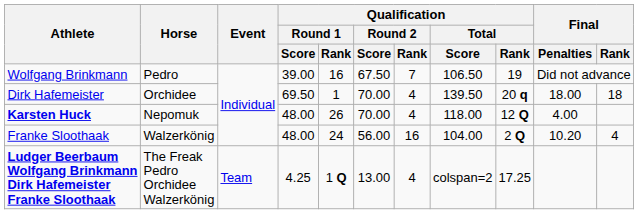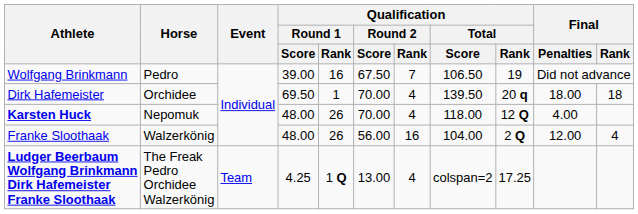 <table class=wikitable style="font-size:90%">
 <tr>
 <th rowspan="3">Athlete</th>
 <th rowspan="3">Horse</th>
 <th rowspan="3">Event</th>
 <th colspan="6">Qualification</th>
 <th colspan="2" rowspan=2>Final</th>
 </tr>
 <tr style="font-size:95%">
 <th colspan=2>Round 1</th>
 <th colspan=2>Round 2</th>
 <th colspan=2>Total</th>
 </tr>
 <tr style="font-size:95%">
 <th>Score</th>
 <th>Rank</th>
 <th>Score</th>
 <th>Rank</th>
 <th>Score</th>
 <th>Rank</th>
 <th>Penalties</th>
 <th>Rank</th>
 </tr>
 <tr align=center>
 <td align=left><a href='#'>Wolfgang Brinkmann</a></td>
 <td align=left>Pedro</td>
 <td align=left rowspan=4><a href='#'>Individual</a></td>
 <td>39.00</td>
 <td>16</td>
 <td>67.50</td>
 <td>7</td>
 <td>106.50</td>
 <td>19</td>
 <td colspan=2>Did not advance</td>
 </tr>
 <tr align=center>
 <td align=left><a href='#'>Dirk Hafemeister</a></td>
 <td align=left>Orchidee</td>
 <td>69.50</td>
 <td>1</td>
 <td>70.00</td>
 <td>4</td>
 <td>139.50</td>
 <td>20 <strong>q</strong></td>
 <td>18.00</td>
 <td>18</td>
 </tr>
 <tr align=center>
 <td align=left><strong><a href='#'>Karsten Huck</a></strong></td>
 <td align=left>Nepomuk</td>
 <td>48.00</td>
 <td>26</td>
 <td>70.00</td>
 <td>4</td>
 <td>118.00</td>
 <td>12 <strong>Q</strong></td>
 <td>4.00</td>
 <td></td>
 </tr>
 <tr align=center>
 <td align=left><a href='#'>Franke Sloothaak</a></td>
 <td align=left>Walzerkönig</td>
 <td>48.00</td>
-<td>24</td>
+<td>26</td>
 <td>56.00</td>
 <td>16</td>
 <td>104.00</td>
 <td>2 <strong>Q</strong></td>
-<td>10.20</td>
+<td>12.00</td>
 <td>4</td>
 </tr>
 <tr align=center>
 <td align=left><strong><a href='#'>Ludger Beerbaum</a><br><a href='#'>Wolfgang Brinkmann</a><br><a href='#'>Dirk Hafemeister</a><br><a href='#'>Franke Sloothaak</a></strong></td>
 <td align=left>The Freak<br>Pedro<br>Orchidee<br>Walzerkönig</td>
 <td align=left><a href='#'>Team</a></td>
 <td>4.25</td>
 <td>1 <strong>Q</strong></td>
 <td>13.00</td>
 <td>4</td>
 <td>colspan=2</td>
 <td>17.25</td>
 <td></td>
 </tr>
 </table>
